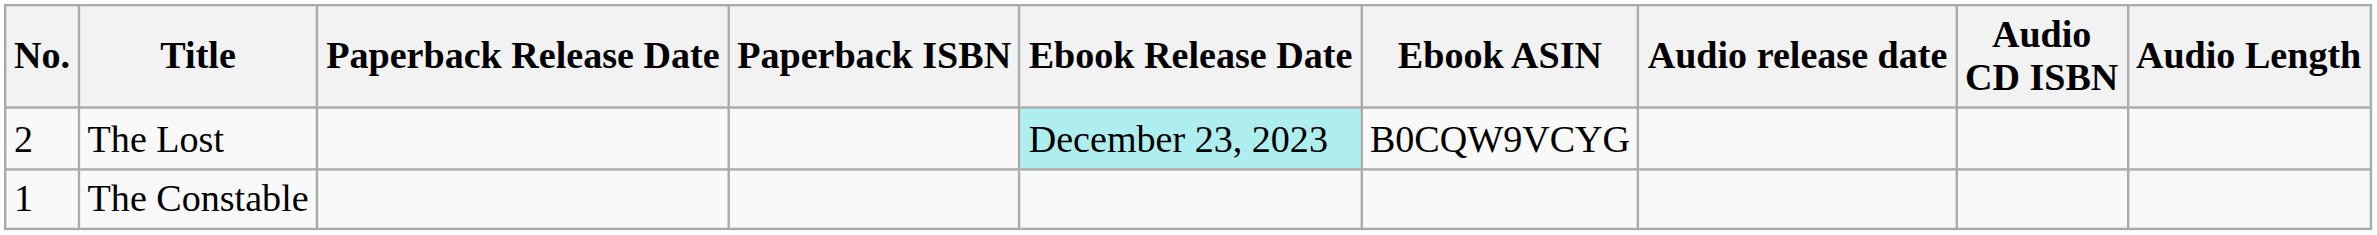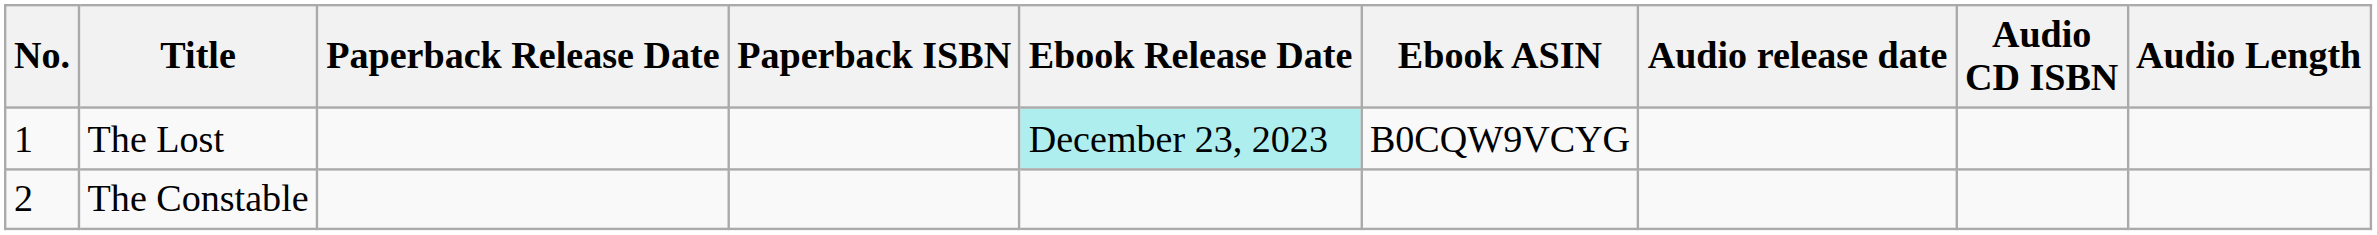 <table class="wikitable">
 <tr>
 <th>No.</th>
 <th>Title</th>
 <th>Paperback Release Date</th>
 <th>Paperback ISBN</th>
 <th>Ebook Release Date</th>
 <th>Ebook ASIN</th>
 <th>Audio release date</th>
 <th>Audio<br>CD ISBN</th>
 <th>Audio Length</th>
 </tr>
 <tr>
-<td>2</td>
+<td>1</td>
 <td>The Lost</td>
 <td></td>
 <td></td>
 <td style="background: paleturquoise;">December 23, 2023</td>
 <td>B0CQW9VCYG</td>
 <td></td>
 <td></td>
 <td></td>
 </tr>
 <tr>
-<td>1</td>
+<td>2</td>
 <td>The Constable</td>
 <td></td>
 <td></td>
 <td></td>
 <td></td>
 <td></td>
 <td></td>
 <td></td>
 </tr>
 </table>
